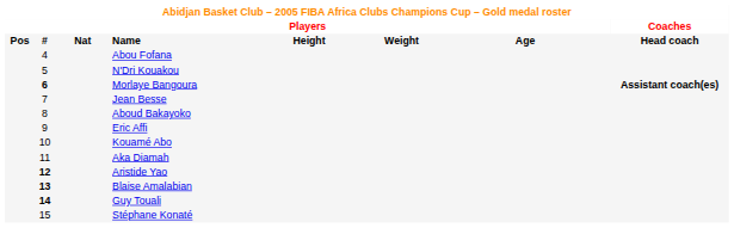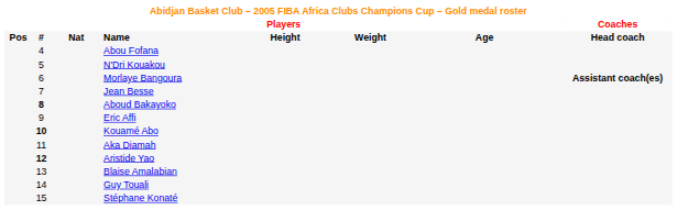 <table border=0 cellpadding=2 cellspacing=0  |- bgcolor=#f5f5f5 style="text-align:center; font-size:85%;" width=75%>
 <tr>
 <td colspan="8" style="background: white; color: #ff8c00"><strong>Abidjan Basket Club – 2005 FIBA Africa Clubs Champions Cup – Gold medal roster</strong></td>
 </tr>
 <tr>
 <td colspan="7" style="background: white; color: red"><strong>Players</strong></td>
 <td style="background: white; color: red"><strong>Coaches</strong></td>
 </tr>
 <tr style="background=#f5f5f5; color: black">
 <th width=5px>Pos</th>
 <th width=5px>#</th>
 <th width=50px>Nat</th>
 <th width=135px align=left>Name</th>
 <th width=100px>Height</th>
 <th width=70px>Weight</th>
 <th width=160px>Age</th>
 <th width=110px>Head coach</th>
 </tr>
 <tr>
 <td></td>
 <td>4</td>
 <td></td>
 <td align=left><a href='#'>Abou Fofana</a></td>
 <td></td>
 <td></td>
 <td><span></span></td>
 <td></td>
 </tr>
 <tr>
 <td></td>
 <td>5</td>
 <td></td>
 <td align=left><a href='#'>N'Dri Kouakou</a></td>
 <td></td>
 <td></td>
 <td><span></span></td>
 </tr>
 <tr>
 <td></td>
-<td><strong>6</strong></td>
+<td>6</td>
 <td></td>
 <td align=left><a href='#'>Morlaye Bangoura</a></td>
 <td></td>
 <td></td>
 <td><span></span></td>
 <td><strong>Assistant coach(es)</strong></td>
 </tr>
 <tr>
 <td></td>
 <td>7</td>
 <td></td>
 <td align=left><a href='#'>Jean Besse</a></td>
 <td></td>
 <td></td>
 <td><span></span></td>
 <td></td>
 </tr>
 <tr>
 <td></td>
-<td>8</td>
+<td><strong>8</strong></td>
 <td></td>
 <td align=left><a href='#'>Aboud Bakayoko</a></td>
 <td></td>
 <td></td>
 <td><span></span></td>
 </tr>
 <tr>
 <td></td>
 <td>9</td>
 <td></td>
 <td align=left><a href='#'>Eric Affi</a></td>
 <td></td>
 <td></td>
 <td><span></span></td>
 </tr>
 <tr>
 <td></td>
-<td>10</td>
+<td><strong>10</strong></td>
 <td></td>
 <td align=left><a href='#'>Kouamé Abo</a></td>
 <td></td>
 <td></td>
 <td><span></span></td>
 </tr>
 <tr>
 <td></td>
 <td>11</td>
 <td></td>
 <td align=left><a href='#'>Aka Diamah</a></td>
 <td></td>
 <td></td>
 <td><span></span></td>
 </tr>
 <tr>
 <td></td>
 <td><strong>12</strong></td>
 <td></td>
 <td align=left><a href='#'>Aristide Yao</a></td>
 <td></td>
 <td></td>
 <td><span></span></td>
 </tr>
 <tr>
 <td></td>
-<td><strong>13</strong></td>
+<td>13</td>
 <td></td>
 <td align=left><a href='#'>Blaise Amalabian</a></td>
 <td></td>
 <td></td>
 <td><span></span></td>
 </tr>
 <tr>
 <td></td>
-<td><strong>14</strong></td>
+<td>14</td>
 <td></td>
 <td align=left><a href='#'>Guy Touali</a></td>
 <td></td>
 <td></td>
 <td><span></span></td>
 </tr>
 <tr>
 <td></td>
 <td>15</td>
 <td></td>
 <td align=left><a href='#'>Stéphane Konaté</a></td>
 <td><span></span></td>
 <td><span></span></td>
 <td><span></span></td>
 </tr>
 </table>
